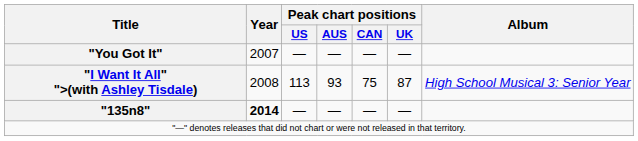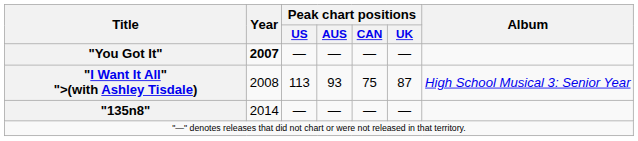 <table class="wikitable plainrowheaders" style="text-align:center;" border="1">
 <tr>
 <th scope="col" rowspan="2" style="width:18em;">Title</th>
 <th scope="col" rowspan="2">Year</th>
 <th scope="col" colspan="4">Peak chart positions</th>
 <th scope="col" rowspan="2">Album</th>
 </tr>
 <tr>
 <th scope="col" style="width:2.5em;font-size:90%;"><a href='#'>US</a><br></th>
 <th scope="col" style="width:2.5em;font-size:90%;"><a href='#'>AUS</a><br></th>
 <th scope="col" style="width:2.5em;font-size:90%;"><a href='#'>CAN</a><br></th>
 <th scope="col" style="width:2.5em;font-size:90%;"><a href='#'>UK</a><br></th>
 </tr>
 <tr>
 <th scope="row">"You Got It"</th>
-<td>2007</td>
+<td><strong>2007</strong></td>
 <td>—</td>
 <td>—</td>
 <td>—</td>
 <td>—</td>
 <td></td>
 </tr>
 <tr>
 <th scope="row">"<a href='#'>I Want It All</a>"<br><span>">(with <a href='#'>Ashley Tisdale</a>)</span></th>
 <td>2008</td>
 <td>113</td>
 <td>93</td>
 <td>75</td>
 <td>87</td>
 <td><em><a href='#'>High School Musical 3: Senior Year</a></em></td>
 </tr>
 <tr>
 <th scope="row">"135n8"</th>
-<td><strong>2014</strong></td>
+<td>2014</td>
 <td>—</td>
 <td>—</td>
 <td>—</td>
 <td>—</td>
 <td></td>
 </tr>
 <tr>
 <td align="center" colspan="15" style="font-size:8pt">"—" denotes releases that did not chart or were not released in that territory.</td>
 </tr>
 </table>
